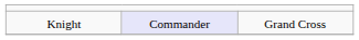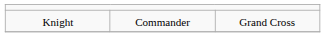 <table align=center class=wikitable width=30% style="margin: 1em auto;">
 <tr>
 <td colspan="3" align="centre"></td>
 </tr>
 <tr>
 <td width=20% valign=top align=center><small>Knight</small></td>
-<td width=20% valign=top align=center style="background: lavender;"><small>Commander</small></td>
+<td width=20% valign=top align=center><small>Commander</small></td>
 <td width=20% valign=top align=center><small>Grand Cross</small></td>
 </tr>
 <tr>
 </tr>
 </table>
